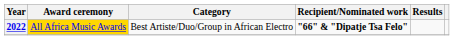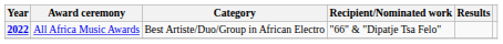 <table class="wikitable plainrowheaders">
 <tr>
 <th>Year</th>
 <th>Award ceremony</th>
 <th>Category</th>
 <th>Recipient/Nominated work</th>
 <th>Results</th>
 <th></th>
 </tr>
 <tr>
 <th scope="row"><a href='#'>2022</a></th>
-<td style="background: gold;"><a href='#'>All Africa Music Awards</a></td>
+<td><a href='#'>All Africa Music Awards</a></td>
 <td>Best Artiste/Duo/Group in African Electro</td>
-<td><strong>"66" & "Dipatje Tsa Felo"</strong></td>
+<td>"66" & "Dipatje Tsa Felo"</td>
 <td></td>
 <td></td>
 </tr>
 <tr>
 </tr>
 </table>
